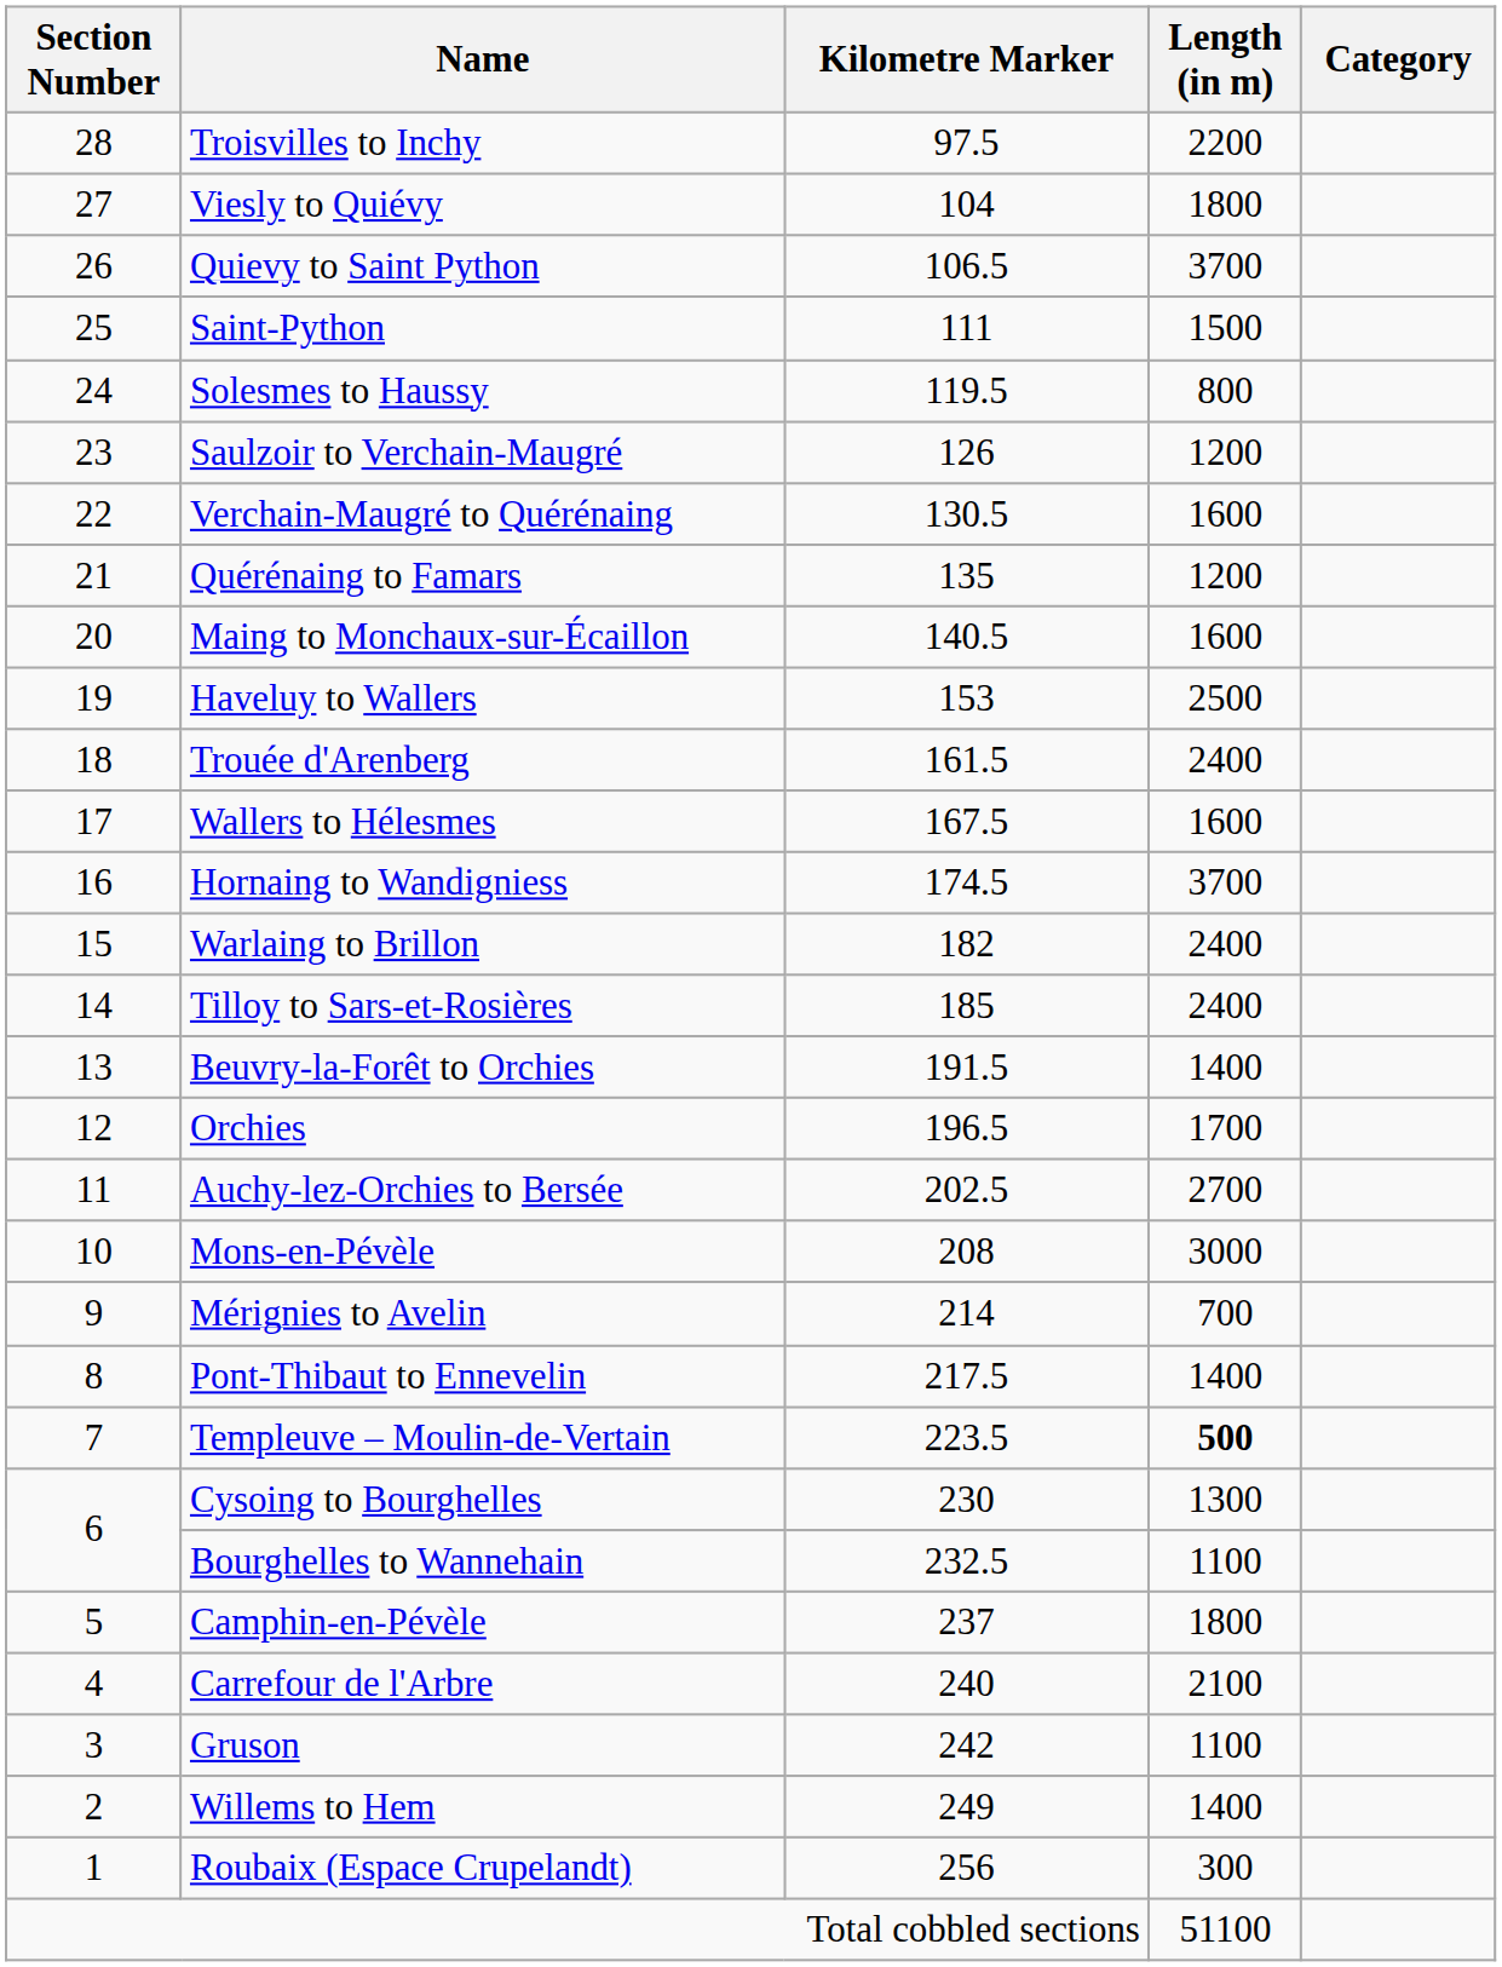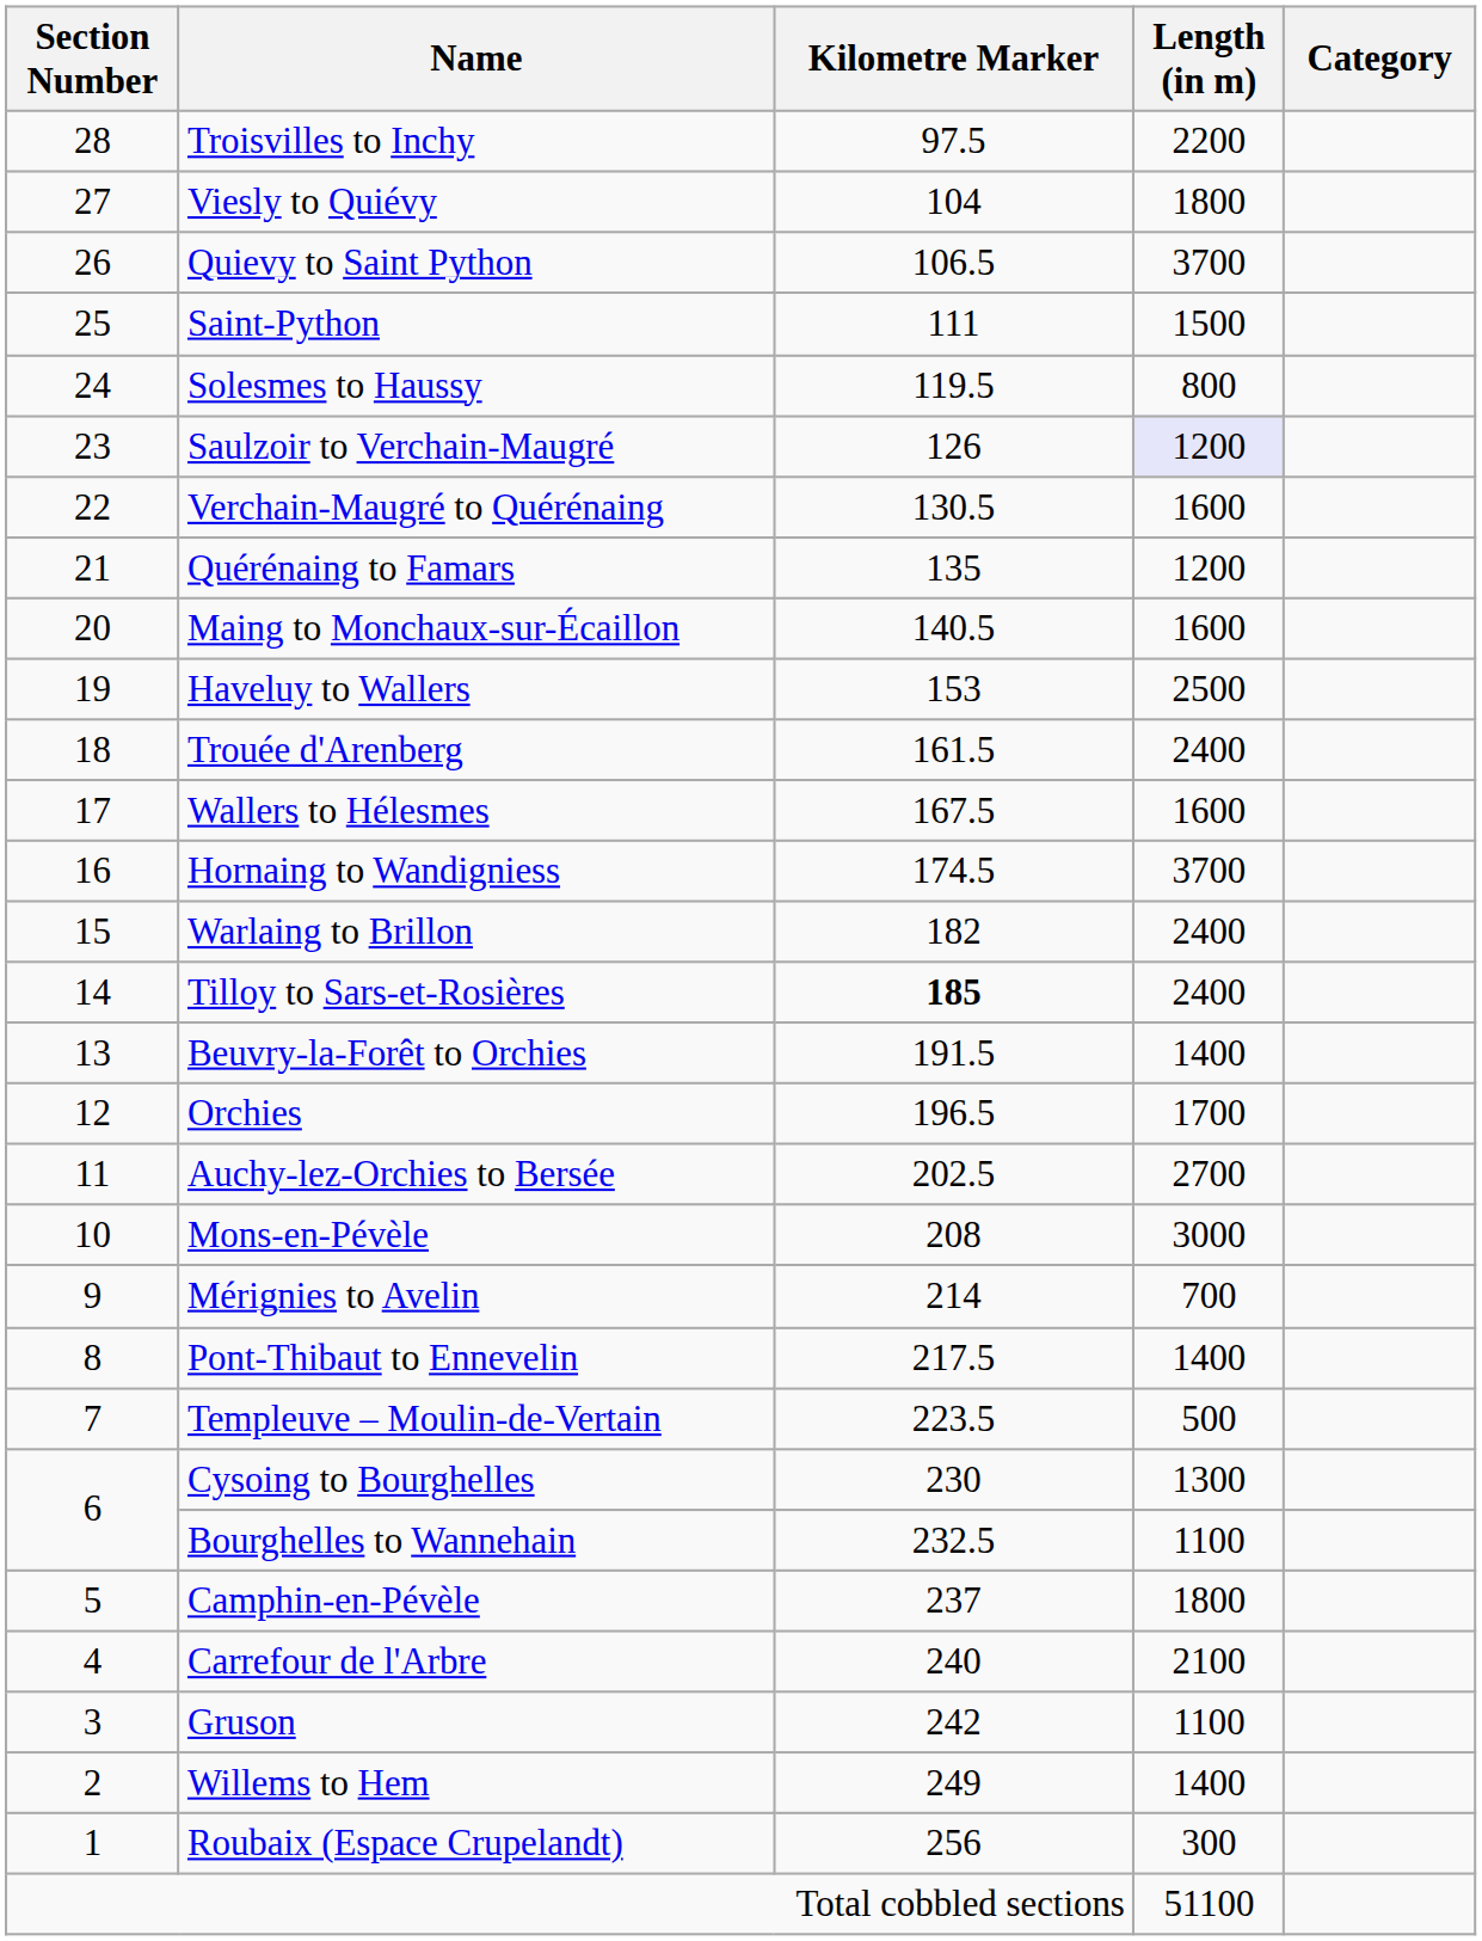 <table class="wikitable" style="float:left; text-align:center; font-size:95%; width:48%;">
 <tr>
 <th>Section<br>Number</th>
 <th>Name</th>
 <th>Kilometre Marker</th>
 <th>Length<br>(in m)</th>
 <th>Category</th>
 </tr>
 <tr>
 <td>28</td>
 <td style="text-align:left;"><a href='#'>Troisvilles</a> to <a href='#'>Inchy</a></td>
 <td>97.5</td>
 <td>2200</td>
 <td></td>
 </tr>
 <tr>
 <td>27</td>
 <td style="text-align:left;"><a href='#'>Viesly</a> to <a href='#'>Quiévy</a></td>
 <td>104</td>
 <td>1800</td>
 <td></td>
 </tr>
 <tr>
 <td>26</td>
 <td style="text-align:left;"><a href='#'>Quievy</a> to <a href='#'>Saint Python</a></td>
 <td>106.5</td>
 <td>3700</td>
 <td></td>
 </tr>
 <tr>
 <td>25</td>
 <td style="text-align:left;"><a href='#'>Saint-Python</a></td>
 <td>111</td>
 <td>1500</td>
 <td></td>
 </tr>
 <tr>
 <td>24</td>
 <td style="text-align:left;"><a href='#'>Solesmes</a> to <a href='#'>Haussy</a></td>
 <td>119.5</td>
 <td>800</td>
 <td></td>
 </tr>
 <tr>
 <td>23</td>
 <td style="text-align:left;"><a href='#'>Saulzoir</a> to <a href='#'>Verchain-Maugré</a></td>
 <td>126</td>
-<td>1200</td>
+<td style="background: lavender;">1200</td>
 <td></td>
 </tr>
 <tr>
 <td>22</td>
 <td style="text-align:left;"><a href='#'>Verchain-Maugré</a> to <a href='#'>Quérénaing</a></td>
 <td>130.5</td>
 <td>1600</td>
 <td></td>
 </tr>
 <tr>
 <td>21</td>
 <td style="text-align:left;"><a href='#'>Quérénaing</a> to <a href='#'>Famars</a></td>
 <td>135</td>
 <td>1200</td>
 <td></td>
 </tr>
 <tr>
 <td>20</td>
 <td style="text-align:left;"><a href='#'>Maing</a> to <a href='#'>Monchaux-sur-Écaillon</a></td>
 <td>140.5</td>
 <td>1600</td>
 <td></td>
 </tr>
 <tr>
 <td>19</td>
 <td style="text-align:left;"><a href='#'>Haveluy</a> to <a href='#'>Wallers</a></td>
 <td>153</td>
 <td>2500</td>
 <td></td>
 </tr>
 <tr>
 <td>18</td>
 <td style="text-align:left;"><a href='#'>Trouée d'Arenberg</a></td>
 <td>161.5</td>
 <td>2400</td>
 <td></td>
 </tr>
 <tr>
 <td>17</td>
 <td style="text-align:left;"><a href='#'>Wallers</a> to <a href='#'>Hélesmes</a></td>
 <td>167.5</td>
 <td>1600</td>
 <td></td>
 </tr>
 <tr>
 <td>16</td>
 <td style="text-align:left;"><a href='#'>Hornaing</a> to <a href='#'>Wandigniess</a></td>
 <td>174.5</td>
 <td>3700</td>
 <td></td>
 </tr>
 <tr>
 <td>15</td>
 <td style="text-align:left;"><a href='#'>Warlaing</a> to <a href='#'>Brillon</a></td>
 <td>182</td>
 <td>2400</td>
 <td></td>
 </tr>
 <tr>
 <td>14</td>
 <td style="text-align:left;"><a href='#'>Tilloy</a> to <a href='#'>Sars-et-Rosières</a></td>
-<td>185</td>
+<td><strong>185</strong></td>
 <td>2400</td>
 <td></td>
 </tr>
 <tr>
 <td>13</td>
 <td style="text-align:left;"><a href='#'>Beuvry-la-Forêt</a> to <a href='#'>Orchies</a></td>
 <td>191.5</td>
 <td>1400</td>
 <td></td>
 </tr>
 <tr>
 <td>12</td>
 <td style="text-align:left;"><a href='#'>Orchies</a></td>
 <td>196.5</td>
 <td>1700</td>
 <td></td>
 </tr>
 <tr>
 <td>11</td>
 <td style="text-align:left;"><a href='#'>Auchy-lez-Orchies</a> to <a href='#'>Bersée</a></td>
 <td>202.5</td>
 <td>2700</td>
 <td></td>
 </tr>
 <tr>
 <td>10</td>
 <td style="text-align:left;"><a href='#'>Mons-en-Pévèle</a></td>
 <td>208</td>
 <td>3000</td>
 <td></td>
 </tr>
 <tr>
 <td>9</td>
 <td style="text-align:left;"><a href='#'>Mérignies</a> to <a href='#'>Avelin</a></td>
 <td>214</td>
 <td>700</td>
 <td></td>
 </tr>
 <tr>
 <td>8</td>
 <td style="text-align:left;"><a href='#'>Pont-Thibaut</a> to <a href='#'>Ennevelin</a></td>
 <td>217.5</td>
 <td>1400</td>
 <td></td>
 </tr>
 <tr>
 <td>7</td>
 <td style="text-align:left;"><a href='#'>Templeuve – Moulin-de-Vertain</a></td>
 <td>223.5</td>
-<td><strong>500</strong></td>
+<td>500</td>
 <td></td>
 </tr>
 <tr>
 <td rowspan=2>6</td>
 <td style="text-align:left;"><a href='#'>Cysoing</a> to <a href='#'>Bourghelles</a></td>
 <td>230</td>
 <td>1300</td>
 <td></td>
 </tr>
 <tr>
 <td style="text-align:left;"><a href='#'>Bourghelles</a> to <a href='#'>Wannehain</a></td>
 <td>232.5</td>
 <td>1100</td>
 <td></td>
 </tr>
 <tr>
 <td>5</td>
 <td style="text-align:left;"><a href='#'>Camphin-en-Pévèle</a></td>
 <td>237</td>
 <td>1800</td>
 <td></td>
 </tr>
 <tr>
 <td>4</td>
 <td style="text-align:left;"><a href='#'>Carrefour de l'Arbre</a></td>
 <td>240</td>
 <td>2100</td>
 <td></td>
 </tr>
 <tr>
 <td>3</td>
 <td style="text-align:left;"><a href='#'>Gruson</a></td>
 <td>242</td>
 <td>1100</td>
 <td></td>
 </tr>
 <tr>
 <td>2</td>
 <td style="text-align:left;"><a href='#'>Willems</a> to <a href='#'>Hem</a></td>
 <td>249</td>
 <td>1400</td>
 <td></td>
 </tr>
 <tr>
 <td>1</td>
 <td style="text-align:left;"><a href='#'>Roubaix (Espace Crupelandt)</a></td>
 <td>256</td>
 <td>300</td>
 <td></td>
 </tr>
 <tr>
 <td style="text-align:right;" colspan=3>Total cobbled sections</td>
 <td>51100</td>
 <td></td>
 </tr>
 </table>
